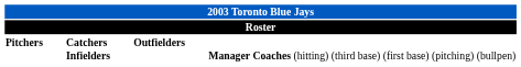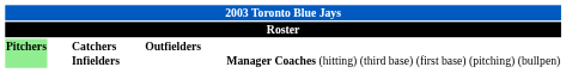 <table class="toccolours" style="font-size: 95%;">
 <tr>
 <th colspan="10" style="background-color: #005ac0; color: #FFFFFF; text-align: center;">2003 Toronto Blue Jays</th>
 </tr>
 <tr>
 <td colspan="10" style="background-color: black; color: white; text-align: center;"><strong>Roster</strong></td>
 </tr>
 <tr>
-<td valign="top"><strong>Pitchers</strong><br>                     </td>
+<td valign="top" style="background: lightgreen;"><strong>Pitchers</strong><br>                     </td>
 <td width="25px"></td>
 <td valign="top"><strong>Catchers</strong><br>    <strong>Infielders</strong>        </td>
 <td width="25px"></td>
 <td valign="top"><strong>Outfielders</strong><br>     </td>
 <td width="25px"></td>
 <td valign="top"><br><strong>Manager</strong>  <strong>Coaches</strong>  (hitting)  (third base)  (first base)  (pitching)  (bullpen)</td>
 </tr>
 </table>
